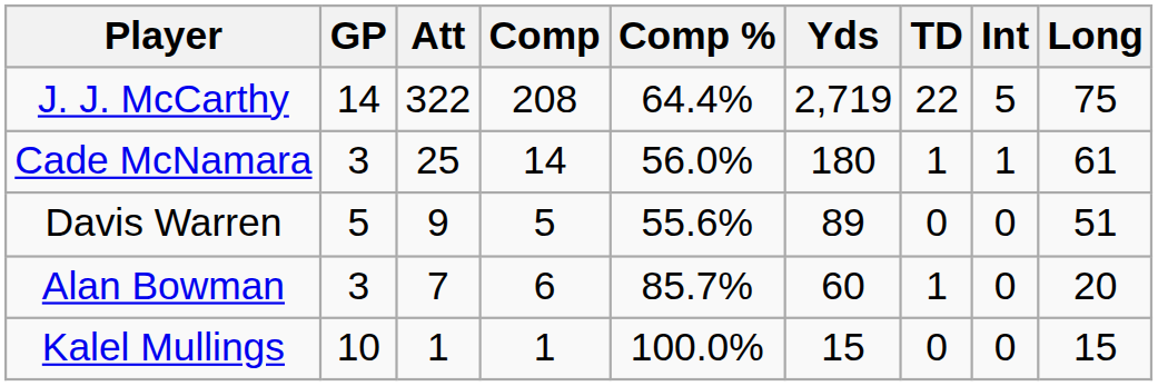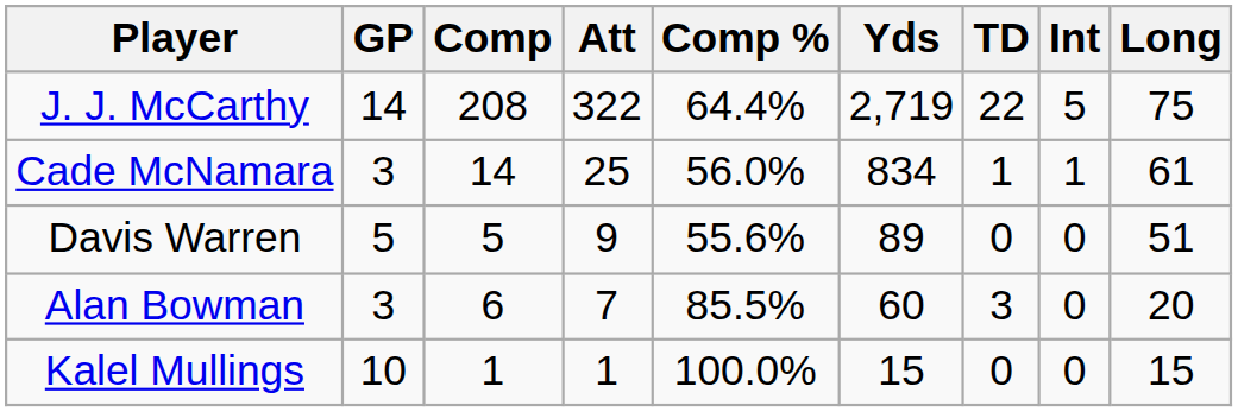 <table class="wikitable sortable sortable" style="text-align: center">
 <tr align=center>
 <th>Player</th>
 <th>GP</th>
+<th>Comp</th>
 <th>Att</th>
-<th>Comp</th>
 <th>Comp %</th>
 <th>Yds</th>
 <th>TD</th>
 <th>Int</th>
 <th>Long</th>
 </tr>
 <tr>
 <td><a href='#'>J. J. McCarthy</a></td>
 <td>14</td>
+<td>208</td>
 <td>322</td>
-<td>208</td>
 <td>64.4%</td>
 <td>2,719</td>
 <td>22</td>
 <td>5</td>
 <td>75</td>
 </tr>
 <tr>
 <td><a href='#'>Cade McNamara</a></td>
 <td>3</td>
+<td>14</td>
 <td>25</td>
-<td>14</td>
 <td>56.0%</td>
-<td>180</td>
+<td>834</td>
 <td>1</td>
 <td>1</td>
 <td>61</td>
 </tr>
 <tr>
 <td>Davis Warren</td>
 <td>5</td>
+<td>5</td>
 <td>9</td>
-<td>5</td>
 <td>55.6%</td>
 <td>89</td>
 <td>0</td>
 <td>0</td>
 <td>51</td>
 </tr>
 <tr>
 <td><a href='#'>Alan Bowman</a></td>
 <td>3</td>
+<td>6</td>
 <td>7</td>
-<td>6</td>
-<td>85.7%</td>
+<td>85.5%</td>
 <td>60</td>
-<td>1</td>
+<td>3</td>
 <td>0</td>
 <td>20</td>
 </tr>
 <tr>
 <td><a href='#'>Kalel Mullings</a></td>
 <td>10</td>
 <td>1</td>
 <td>1</td>
 <td>100.0%</td>
 <td>15</td>
 <td>0</td>
 <td>0</td>
 <td>15</td>
 </tr>
 </table>
